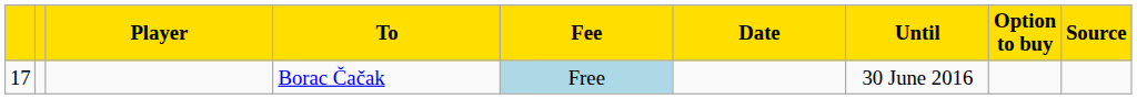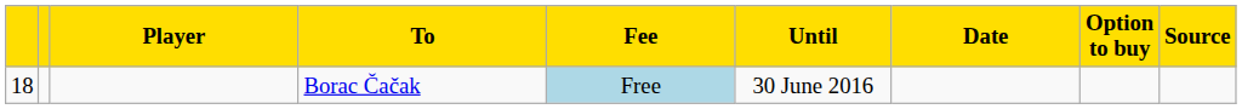 <table class="wikitable sortable">
 <tr>
 <th style="background:#FFDE00"></th>
 <th style="background:#FFDE00"></th>
 <th width=200 style="background:#FFDE00">Player</th>
 <th width=200 style="background:#FFDE00">To</th>
 <th width=150 style="background:#FFDE00">Fee</th>
+<th width=120 style="background:#FFDE00">Until</th>
 <th width=150 style="background:#FFDE00">Date</th>
-<th width=120 style="background:#FFDE00">Until</th>
 <th style="background:#FFDE00">Option to buy</th>
 <th style="background:#FFDE00">Source</th>
 </tr>
 <tr>
-<td align=center>17</td>
+<td align=center>18</td>
 <td align=center></td>
 <td></td>
 <td> <a href='#'>Borac Čačak</a></td>
 <td align=center style="background: lightblue;">Free</td>
+<td align=center>30 June 2016</td>
 <td align=center></td>
-<td align=center>30 June 2016</td>
 <td align=center></td>
 <td align=center></td>
 </tr>
 </table>
